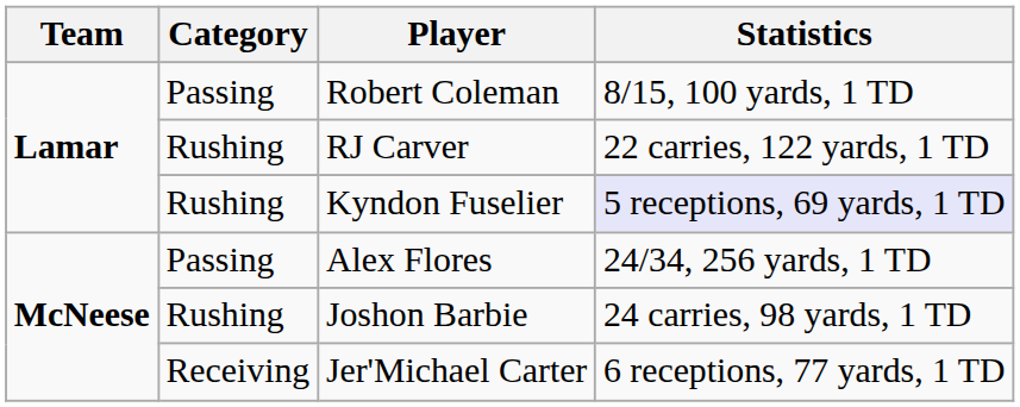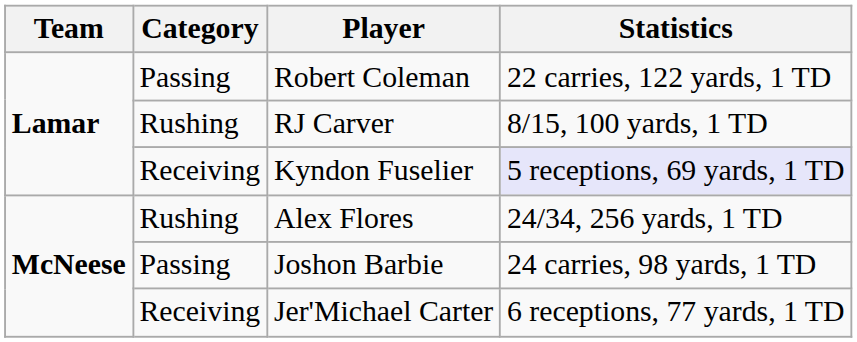 <table class="wikitable" style="float: right;">
 <tr>
 <th>Team</th>
 <th>Category</th>
 <th>Player</th>
 <th>Statistics</th>
 </tr>
 <tr>
 <td rowspan=3><strong>Lamar</strong></td>
 <td>Passing</td>
 <td>Robert Coleman</td>
-<td>8/15, 100 yards, 1 TD</td>
+<td>22 carries, 122 yards, 1 TD</td>
 </tr>
 <tr>
 <td>Rushing</td>
 <td>RJ Carver</td>
-<td>22 carries, 122 yards, 1 TD</td>
+<td>8/15, 100 yards, 1 TD</td>
 </tr>
 <tr>
-<td>Rushing</td>
+<td>Receiving</td>
 <td>Kyndon Fuselier</td>
 <td style="background: lavender;">5 receptions, 69 yards, 1 TD</td>
 </tr>
 <tr>
 <td rowspan=3><strong>McNeese</strong></td>
-<td>Passing</td>
+<td>Rushing</td>
 <td>Alex Flores</td>
 <td>24/34, 256 yards, 1 TD</td>
 </tr>
 <tr>
-<td>Rushing</td>
+<td>Passing</td>
 <td>Joshon Barbie</td>
 <td>24 carries, 98 yards, 1 TD</td>
 </tr>
 <tr>
 <td>Receiving</td>
 <td>Jer'Michael Carter</td>
 <td>6 receptions, 77 yards, 1 TD</td>
 </tr>
 </table>
